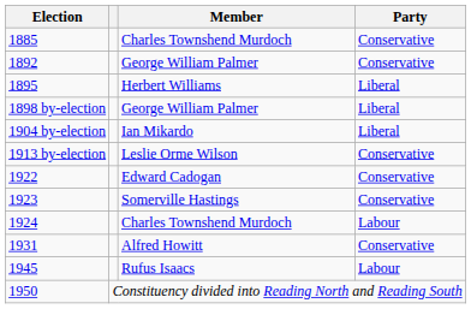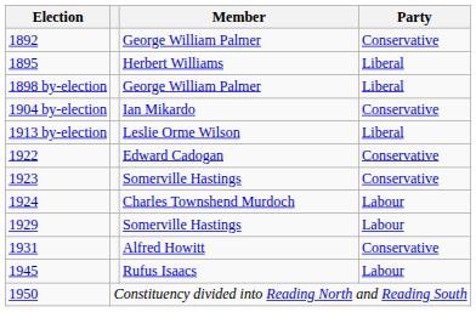 <table class="wikitable">
 <tr>
 <th>Election</th>
 <th></th>
 <th>Member</th>
 <th>Party</th>
-</tr>
-<tr>
-<td><a href='#'>1885</a></td>
-<td style="color:inherit;background-color: "></td>
-<td><a href='#'>Charles Townshend Murdoch</a></td>
-<td><a href='#'>Conservative</a></td>
 </tr>
 <tr>
 <td><a href='#'>1892</a></td>
 <td style="color:inherit;background-color: "></td>
 <td><a href='#'>George William Palmer</a></td>
 <td><a href='#'>Conservative</a></td>
 </tr>
 <tr>
 <td><a href='#'>1895</a></td>
 <td style="color:inherit;background-color: "></td>
 <td><a href='#'>Herbert Williams</a></td>
 <td><a href='#'>Liberal</a></td>
 </tr>
 <tr>
 <td><a href='#'>1898 by-election</a></td>
 <td style="color:inherit;background-color: "></td>
 <td><a href='#'>George William Palmer</a></td>
 <td><a href='#'>Liberal</a></td>
 </tr>
 <tr>
 <td><a href='#'>1904 by-election</a></td>
 <td style="color:inherit;background-color: "></td>
 <td><a href='#'>Ian Mikardo</a></td>
-<td><a href='#'>Liberal</a></td>
+<td><a href='#'>Conservative</a></td>
 </tr>
 <tr>
 <td><a href='#'>1913 by-election</a></td>
 <td style="color:inherit;background-color: "></td>
 <td><a href='#'>Leslie Orme Wilson</a></td>
-<td><a href='#'>Conservative</a></td>
+<td><a href='#'>Liberal</a></td>
 </tr>
 <tr>
 <td><a href='#'>1922</a></td>
 <td style="color:inherit;background-color: "></td>
 <td><a href='#'>Edward Cadogan</a></td>
 <td><a href='#'>Conservative</a></td>
 </tr>
 <tr>
 <td><a href='#'>1923</a></td>
 <td style="color:inherit;background-color: "></td>
 <td><a href='#'>Somerville Hastings</a></td>
 <td><a href='#'>Conservative</a></td>
 </tr>
 <tr>
 <td><a href='#'>1924</a></td>
 <td style="color:inherit;background-color: "></td>
 <td><a href='#'>Charles Townshend Murdoch</a></td>
 <td><a href='#'>Labour</a></td>
 </tr>
 <tr>
+<td><a href='#'>1929</a></td>
+<td style="color:inherit;background-color: "></td>
+<td><a href='#'>Somerville Hastings</a></td>
+<td><a href='#'>Labour</a></td>
+</tr>
+<tr>
 <td><a href='#'>1931</a></td>
 <td style="color:inherit;background-color: "></td>
 <td><a href='#'>Alfred Howitt</a></td>
 <td><a href='#'>Conservative</a></td>
 </tr>
 <tr>
 <td><a href='#'>1945</a></td>
 <td style="color:inherit;background-color: "></td>
 <td><a href='#'>Rufus Isaacs</a></td>
 <td><a href='#'>Labour</a></td>
 </tr>
 <tr>
 <td><a href='#'>1950</a></td>
 <td colspan="3"><em>Constituency divided into <a href='#'>Reading North</a> and <a href='#'>Reading South</a></em></td>
 </tr>
 </table>
